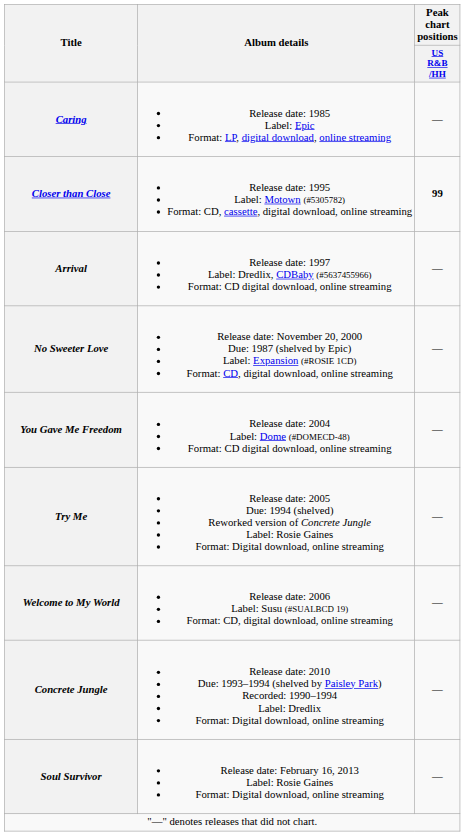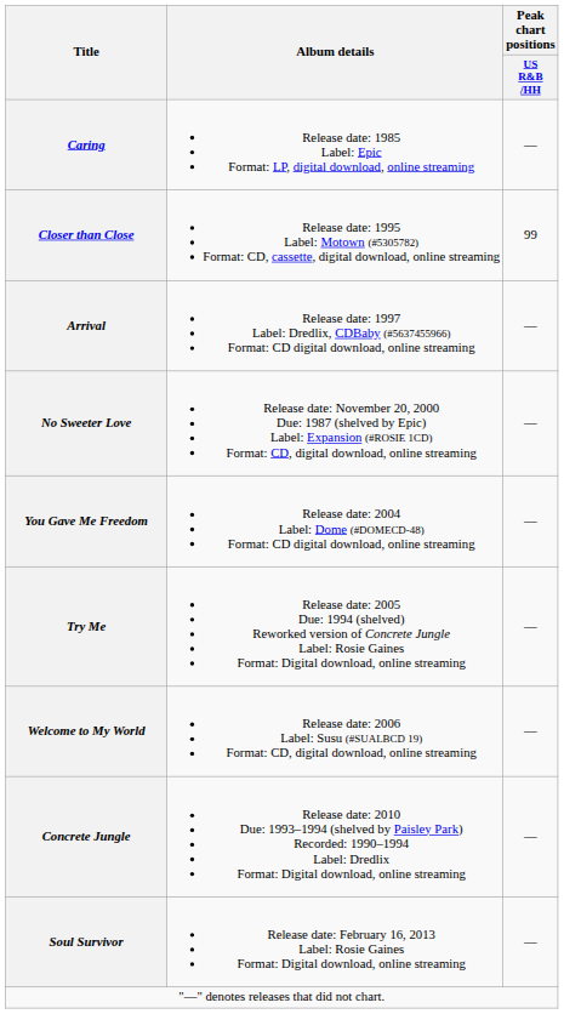 <table class="wikitable plainrowheaders" style="text-align:center">
 <tr>
 <th scope="col" rowspan="2" style="width:12em;">Title</th>
 <th scope="col" rowspan="2">Album details</th>
 <th scope="col" colspan="1">Peak chart positions</th>
 </tr>
 <tr>
 <th scope="col" style="width:3em;font-size:85%;"><a href='#'>US<br>R&B<br>/HH</a><br></th>
 </tr>
 <tr>
 <th scope="row"><em><a href='#'>Caring</a></em></th>
 <td><br><ul><li>Release date: 1985</li><li>Label: <a href='#'>Epic</a></li><li>Format: <a href='#'>LP</a>, <a href='#'>digital download</a>, <a href='#'>online streaming</a></li></ul></td>
 <td>—</td>
 </tr>
 <tr>
 <th scope="row"><em><a href='#'>Closer than Close</a></em></th>
 <td><br><ul><li>Release date: 1995</li><li>Label: <a href='#'>Motown</a> <small>(#5305782)</small></li><li>Format: CD, <a href='#'>cassette</a>, digital download, online streaming</li></ul></td>
-<td><strong>99</strong></td>
+<td>99</td>
 </tr>
 <tr>
 <th scope="row"><em>Arrival</em></th>
 <td><br><ul><li>Release date: 1997</li><li>Label: Dredlix, <a href='#'>CDBaby</a> <small>(#5637455966)</small></li><li>Format: CD digital download, online streaming</li></ul></td>
 <td>—</td>
 </tr>
 <tr>
 <th scope="row"><em>No Sweeter Love</em></th>
 <td><br><ul><li>Release date: November 20, 2000</li><li>Due: 1987 (shelved by Epic)</li><li>Label: <a href='#'>Expansion</a> <small>(#ROSIE 1CD)</small></li><li>Format: <a href='#'>CD</a>, digital download, online streaming</li></ul></td>
 <td>—</td>
 </tr>
 <tr>
 <th scope="row"><em>You Gave Me Freedom</em></th>
 <td><br><ul><li>Release date: 2004</li><li>Label: <a href='#'>Dome</a> <small>(#DOMECD-48)</small></li><li>Format: CD digital download, online streaming</li></ul></td>
 <td>—</td>
 </tr>
 <tr>
 <th scope="row"><em>Try Me</em></th>
 <td><br><ul><li>Release date: 2005</li><li>Due: 1994 (shelved)</li><li>Reworked version of <em>Concrete Jungle</em></li><li>Label: Rosie Gaines</li><li>Format: Digital download, online streaming</li></ul></td>
 <td>—</td>
 </tr>
 <tr>
 <th scope="row"><em>Welcome to My World</em></th>
 <td><br><ul><li>Release date: 2006</li><li>Label: Susu <small>(#SUALBCD 19)</small></li><li>Format: CD, digital download, online streaming</li></ul></td>
 <td>—</td>
 </tr>
 <tr>
 <th scope="row"><em>Concrete Jungle</em></th>
 <td><br><ul><li>Release date: 2010</li><li>Due: 1993–1994 (shelved by <a href='#'>Paisley Park</a>)</li><li>Recorded: 1990–1994</li><li>Label: Dredlix</li><li>Format: Digital download, online streaming</li></ul></td>
 <td>—</td>
 </tr>
 <tr>
 <th scope="row"><em>Soul Survivor</em></th>
 <td><br><ul><li>Release date: February 16, 2013</li><li>Label: Rosie Gaines</li><li>Format: Digital download, online streaming</li></ul></td>
 <td>—</td>
 </tr>
 <tr>
 <td colspan="10" align="center">"—" denotes releases that did not chart.</td>
 </tr>
 </table>
